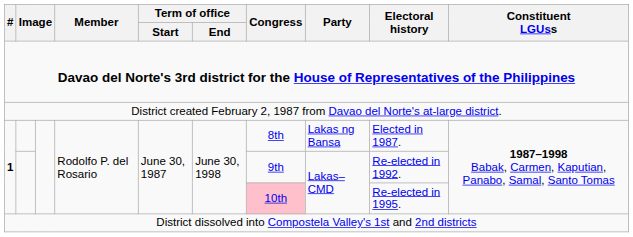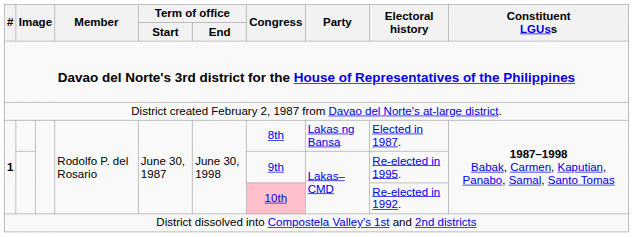 <table class=wikitable>
 <tr>
 <th rowspan="2">#</th>
 <th rowspan="2" colspan=2>Image</th>
 <th rowspan="2">Member</th>
 <th colspan=2>Term of office</th>
 <th rowspan="2">Congress</th>
 <th rowspan="2">Party</th>
 <th rowspan="2">Electoral history</th>
 <th rowspan="2">Constituent<br><a href='#'>LGUs</a>s</th>
 </tr>
 <tr>
 <th>Start</th>
 <th>End</th>
 </tr>
 <tr>
 <td colspan="10" style="text-align:center;"><br><h3>Davao del Norte's 3rd district for the <a href='#'>House of Representatives of the Philippines</a></h3></td>
 </tr>
 <tr>
 <td colspan="10" style="text-align:center;">District created February 2, 1987 from <a href='#'>Davao del Norte's at-large district</a>.</td>
 </tr>
 <tr>
 <td rowspan="3" style="text-align:center;"><strong>1</strong></td>
 <td style="color:inherit;background:"></td>
 <td rowspan="3"></td>
 <td rowspan="3">Rodolfo P. del Rosario</td>
 <td rowspan="3">June 30, 1987</td>
 <td rowspan="3">June 30, 1998</td>
 <td style="text-align:center;"><a href='#'>8th</a></td>
 <td><a href='#'>Lakas ng Bansa</a></td>
 <td><a href='#'>Elected in 1987</a>.</td>
 <td rowspan="3" style="text-align:center;"><strong>1987–1998</strong><br><a href='#'>Babak</a>, <a href='#'>Carmen</a>, <a href='#'>Kaputian</a>, <a href='#'>Panabo</a>, <a href='#'>Samal</a>, <a href='#'>Santo Tomas</a></td>
 </tr>
 <tr>
 <td rowspan="2" style="color:inherit;background:"></td>
 <td style="text-align:center;"><a href='#'>9th</a></td>
 <td rowspan="2"><a href='#'>Lakas–CMD</a></td>
-<td><a href='#'>Re-elected in 1992</a>.</td>
+<td><a href='#'>Re-elected in 1995</a>.</td>
 </tr>
 <tr>
 <td style="background: pink; text-align:center;"><a href='#'>10th</a></td>
-<td><a href='#'>Re-elected in 1995</a>.</td>
+<td><a href='#'>Re-elected in 1992</a>.</td>
 </tr>
 <tr>
 <td colspan="10" style="text-align:center;">District dissolved into <a href='#'>Compostela Valley's 1st</a> and <a href='#'>2nd districts</a></td>
 </tr>
 </table>
